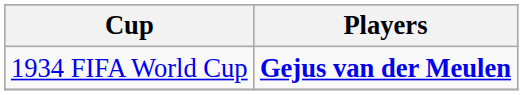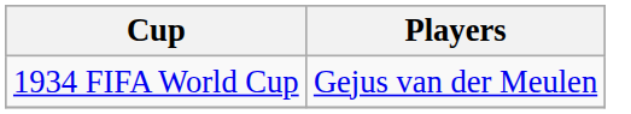 <table class="wikitable" style="text-align: left">
 <tr style="text-align: center">
 <th>Cup</th>
 <th>Players</th>
 </tr>
 <tr>
 <td align="left"> <a href='#'>1934 FIFA World Cup</a></td>
-<td><strong> <a href='#'>Gejus van der Meulen</a></strong></td>
+<td> <a href='#'>Gejus van der Meulen</a></td>
 </tr>
 <tr>
 </tr>
 </table>
